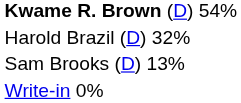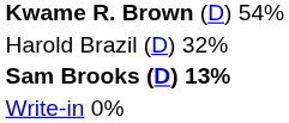 <table>
 <tr>
 <td><strong>Kwame R. Brown</strong> (<a href='#'>D</a>) 54%</td>
 </tr>
 <tr>
 <td>Harold Brazil (<a href='#'>D</a>) 32%</td>
 </tr>
 <tr>
-<td>Sam Brooks (<a href='#'>D</a>) 13%</td>
+<td><strong>Sam Brooks (<a href='#'>D</a>) 13%</strong></td>
 </tr>
 <tr>
 <td><a href='#'>Write-in</a> 0%</td>
 </tr>
 </table>
